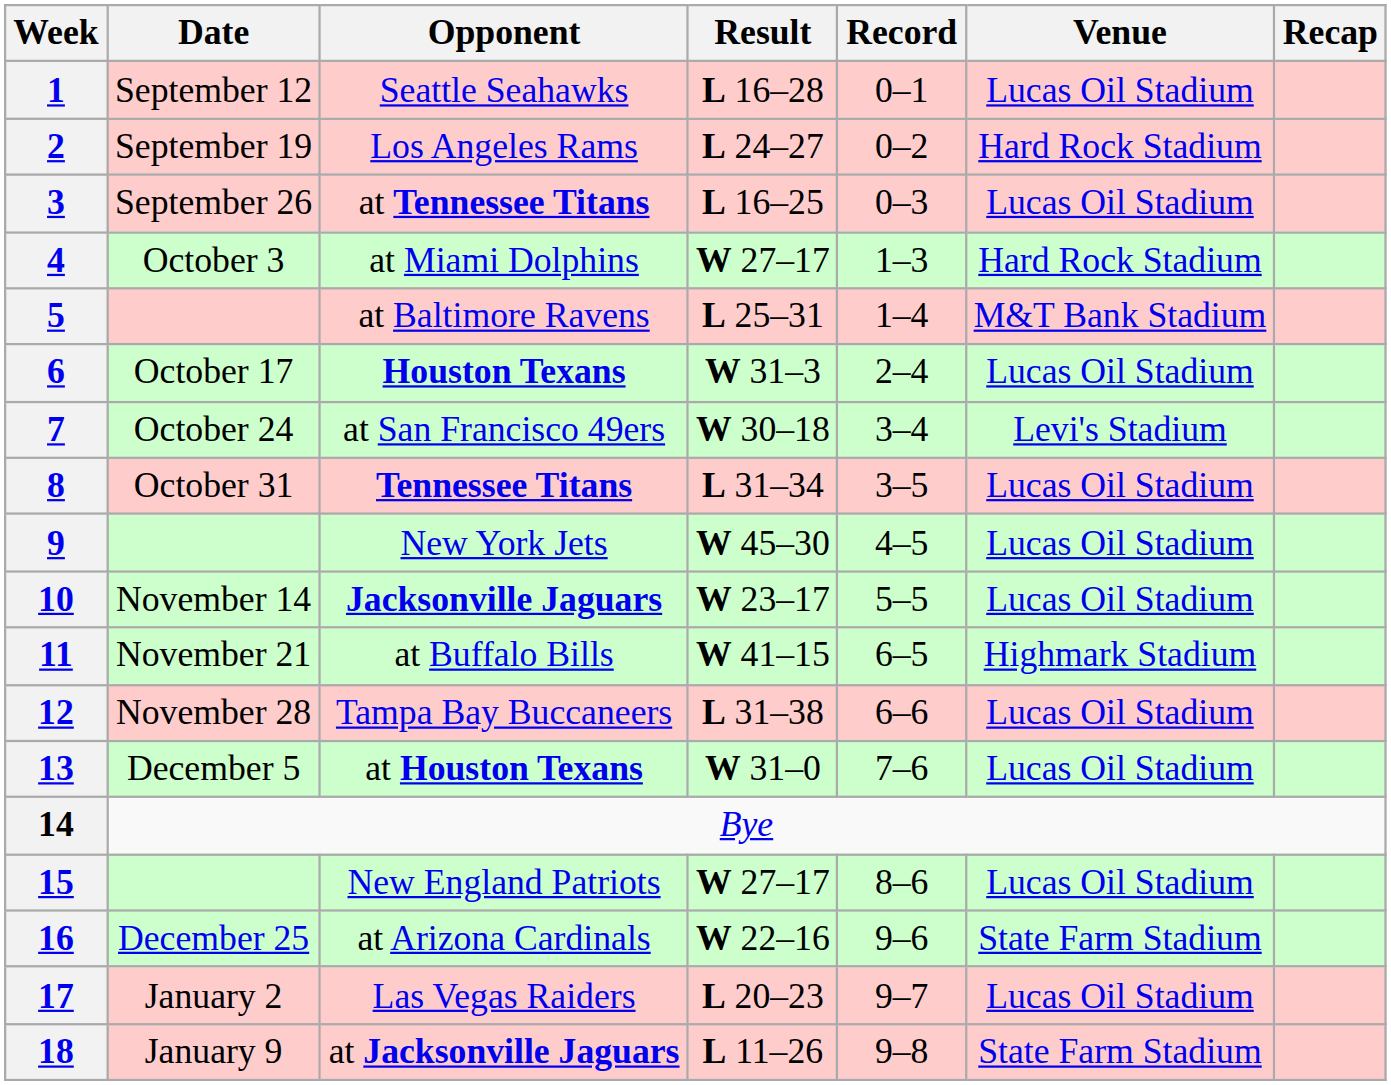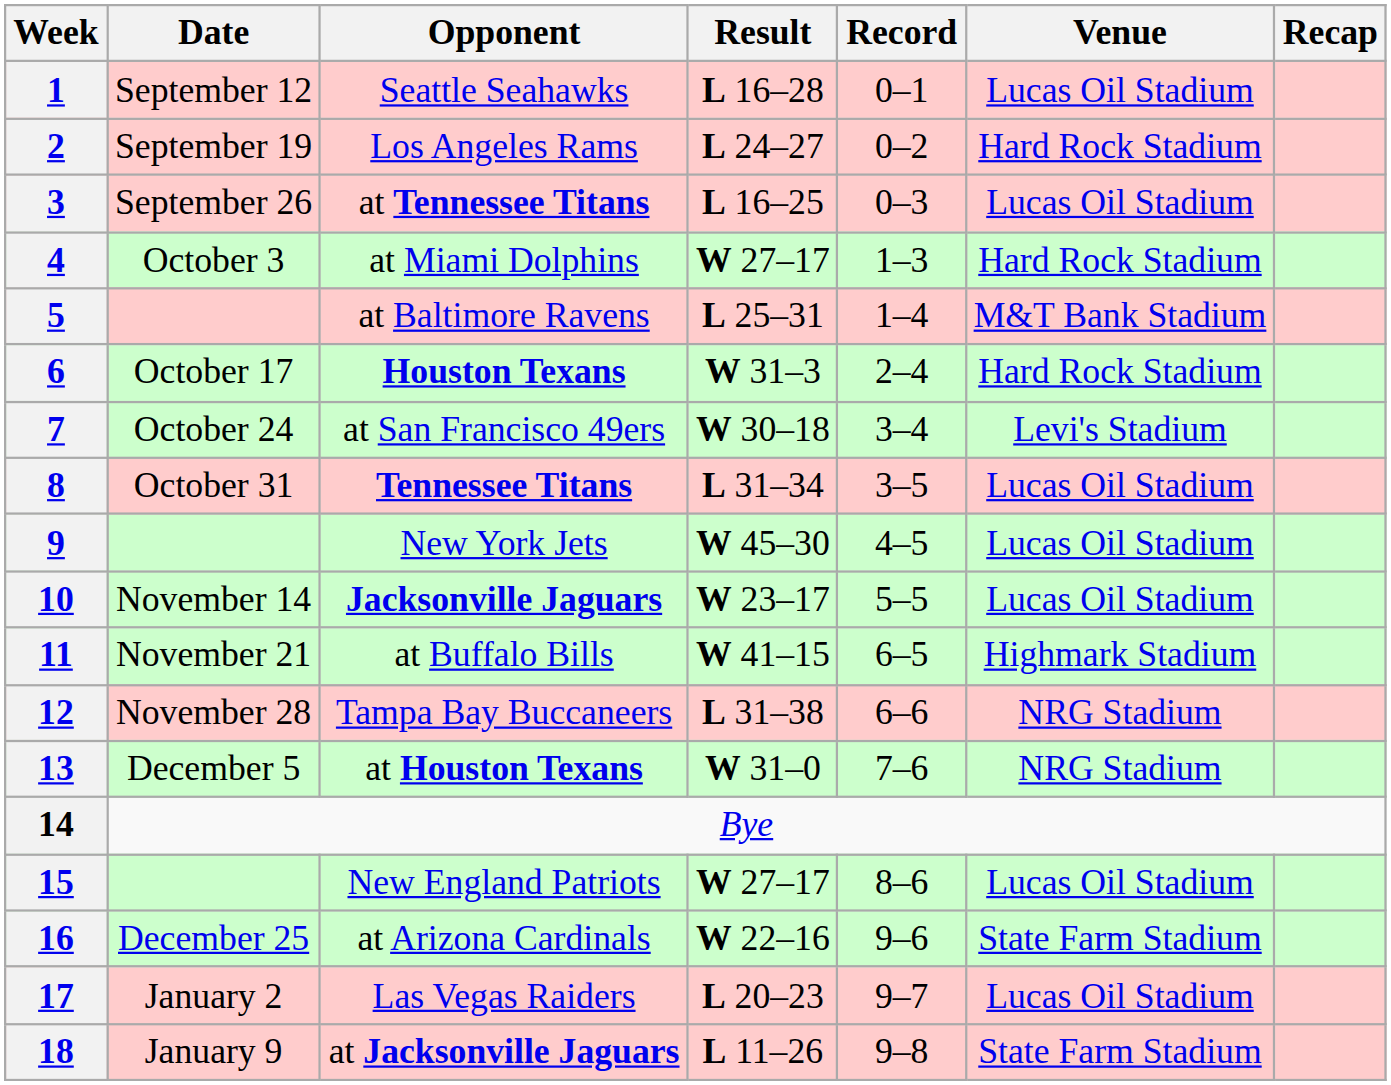 <table class="wikitable" style="text-align:center">
 <tr>
 <th>Week</th>
 <th>Date</th>
 <th>Opponent</th>
 <th>Result</th>
 <th>Record</th>
 <th>Venue</th>
 <th>Recap</th>
 </tr>
 <tr style="background:#fcc">
 <th><a href='#'>1</a></th>
 <td>September 12</td>
 <td><a href='#'>Seattle Seahawks</a></td>
 <td><strong>L</strong> 16–28</td>
 <td>0–1</td>
 <td><a href='#'>Lucas Oil Stadium</a></td>
 <td></td>
 </tr>
 <tr style="background:#fcc">
 <th><a href='#'>2</a></th>
 <td>September 19</td>
 <td><a href='#'>Los Angeles Rams</a></td>
 <td><strong>L</strong> 24–27</td>
 <td>0–2</td>
 <td><a href='#'>Hard Rock Stadium</a></td>
 <td></td>
 </tr>
 <tr style="background:#fcc">
 <th><a href='#'>3</a></th>
 <td>September 26</td>
 <td>at <strong><a href='#'>Tennessee Titans</a></strong></td>
 <td><strong>L</strong> 16–25</td>
 <td>0–3</td>
 <td><a href='#'>Lucas Oil Stadium</a></td>
 <td></td>
 </tr>
 <tr style="background:#cfc">
 <th><a href='#'>4</a></th>
 <td>October 3</td>
 <td>at <a href='#'>Miami Dolphins</a></td>
 <td><strong>W</strong> 27–17</td>
 <td>1–3</td>
 <td><a href='#'>Hard Rock Stadium</a></td>
 <td></td>
 </tr>
 <tr style="background:#fcc">
 <th><a href='#'>5</a></th>
 <td></td>
 <td>at <a href='#'>Baltimore Ravens</a></td>
 <td><strong>L</strong> 25–31 </td>
 <td>1–4</td>
 <td><a href='#'>M&T Bank Stadium</a></td>
 <td></td>
 </tr>
 <tr style="background:#cfc">
 <th><a href='#'>6</a></th>
 <td>October 17</td>
 <td><strong><a href='#'>Houston Texans</a></strong></td>
 <td><strong>W</strong> 31–3</td>
 <td>2–4</td>
-<td><a href='#'>Lucas Oil Stadium</a></td>
+<td><a href='#'>Hard Rock Stadium</a></td>
 <td></td>
 </tr>
 <tr style="background:#cfc">
 <th><a href='#'>7</a></th>
 <td>October 24</td>
 <td>at <a href='#'>San Francisco 49ers</a></td>
 <td><strong>W</strong> 30–18</td>
 <td>3–4</td>
 <td><a href='#'>Levi's Stadium</a></td>
 <td></td>
 </tr>
 <tr style="background:#fcc">
 <th><a href='#'>8</a></th>
 <td>October 31</td>
 <td><strong><a href='#'>Tennessee Titans</a></strong></td>
 <td><strong>L</strong> 31–34 </td>
 <td>3–5</td>
 <td><a href='#'>Lucas Oil Stadium</a></td>
 <td></td>
 </tr>
 <tr style="background:#cfc">
 <th><a href='#'>9</a></th>
 <td></td>
 <td><a href='#'>New York Jets</a></td>
 <td><strong>W</strong> 45–30</td>
 <td>4–5</td>
 <td><a href='#'>Lucas Oil Stadium</a></td>
 <td></td>
 </tr>
 <tr style="background:#cfc">
 <th><a href='#'>10</a></th>
 <td>November 14</td>
 <td><strong><a href='#'>Jacksonville Jaguars</a></strong></td>
 <td><strong>W</strong> 23–17</td>
 <td>5–5</td>
 <td><a href='#'>Lucas Oil Stadium</a></td>
 <td></td>
 </tr>
 <tr style="background:#cfc">
 <th><a href='#'>11</a></th>
 <td>November 21</td>
 <td>at <a href='#'>Buffalo Bills</a></td>
 <td><strong>W</strong> 41–15</td>
 <td>6–5</td>
 <td><a href='#'>Highmark Stadium</a></td>
 <td></td>
 </tr>
 <tr style="background:#fcc">
 <th><a href='#'>12</a></th>
 <td>November 28</td>
 <td><a href='#'>Tampa Bay Buccaneers</a></td>
 <td><strong>L</strong> 31–38</td>
 <td>6–6</td>
-<td><a href='#'>Lucas Oil Stadium</a></td>
+<td><a href='#'>NRG Stadium</a></td>
 <td></td>
 </tr>
 <tr style="background:#cfc">
 <th><a href='#'>13</a></th>
 <td>December 5</td>
 <td>at <strong><a href='#'>Houston Texans</a></strong></td>
 <td><strong>W</strong> 31–0</td>
 <td>7–6</td>
-<td><a href='#'>Lucas Oil Stadium</a></td>
+<td><a href='#'>NRG Stadium</a></td>
 <td></td>
 </tr>
 <tr>
 <th>14</th>
 <td colspan="6"><em><a href='#'>Bye</a></em></td>
 </tr>
 <tr style="background:#cfc">
 <th><a href='#'>15</a></th>
 <td></td>
 <td><a href='#'>New England Patriots</a></td>
 <td><strong>W</strong> 27–17</td>
 <td>8–6</td>
 <td><a href='#'>Lucas Oil Stadium</a></td>
 <td></td>
 </tr>
 <tr style="background:#cfc">
 <th><a href='#'>16</a></th>
 <td><a href='#'>December 25</a></td>
 <td>at <a href='#'>Arizona Cardinals</a></td>
 <td><strong>W</strong> 22–16</td>
 <td>9–6</td>
 <td><a href='#'>State Farm Stadium</a></td>
 <td></td>
 </tr>
 <tr style="background:#fcc">
 <th><a href='#'>17</a></th>
 <td>January 2</td>
 <td><a href='#'>Las Vegas Raiders</a></td>
 <td><strong>L</strong> 20–23</td>
 <td>9–7</td>
 <td><a href='#'>Lucas Oil Stadium</a></td>
 <td></td>
 </tr>
 <tr style="background:#fcc">
 <th><a href='#'>18</a></th>
 <td>January 9</td>
 <td>at <strong><a href='#'>Jacksonville Jaguars</a></strong></td>
 <td><strong>L</strong> 11–26</td>
 <td>9–8</td>
 <td><a href='#'>State Farm Stadium</a></td>
 <td></td>
 </tr>
 </table>
